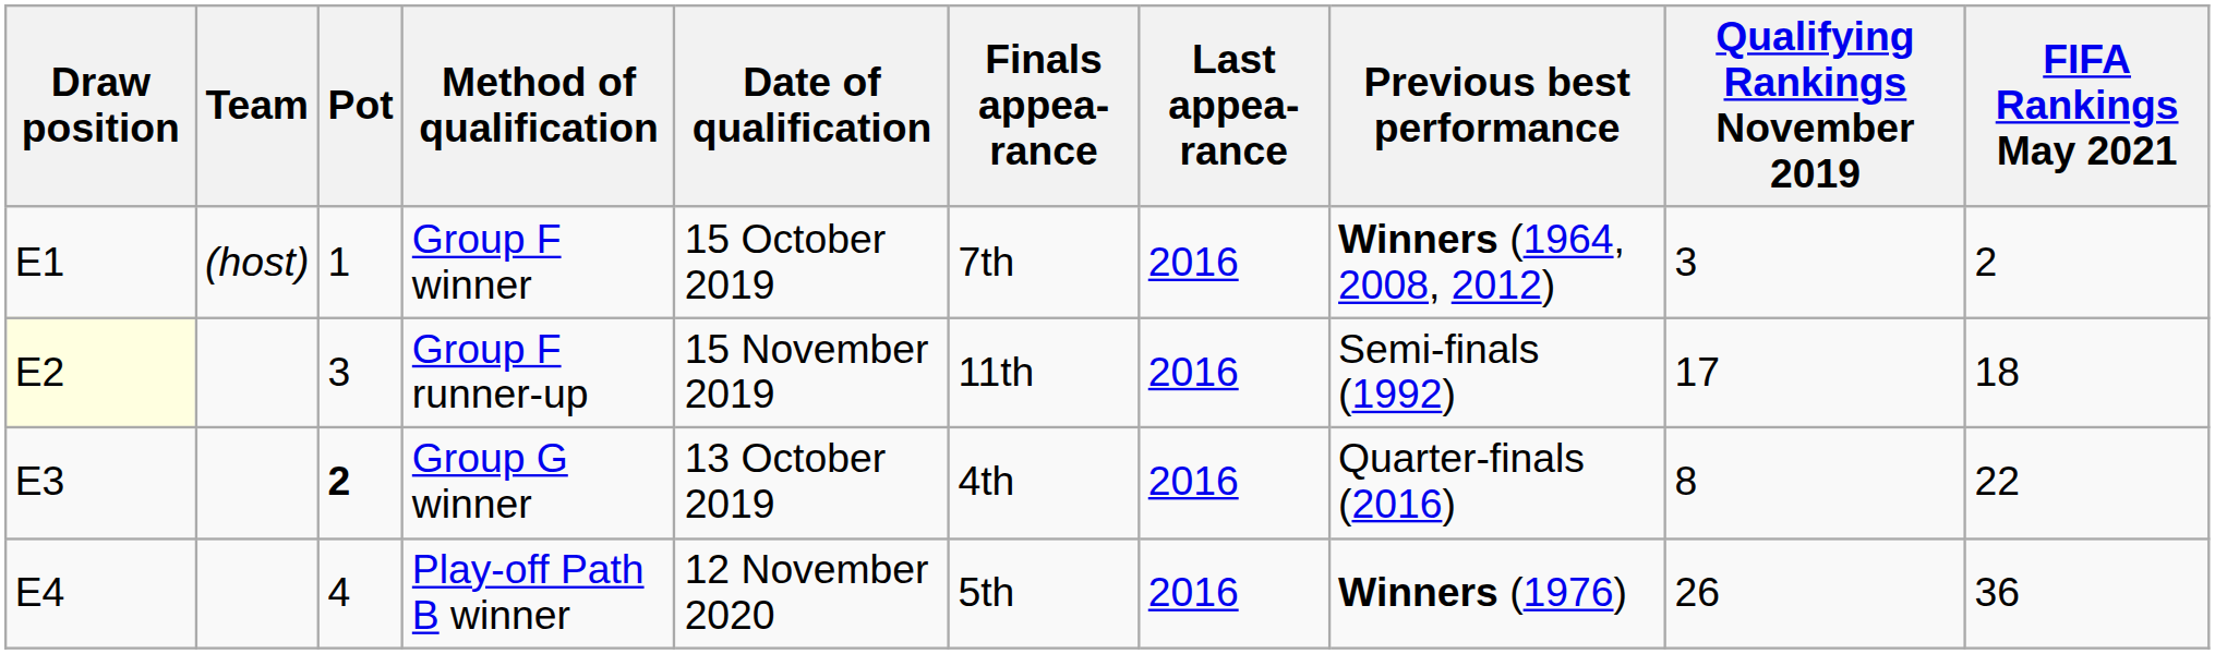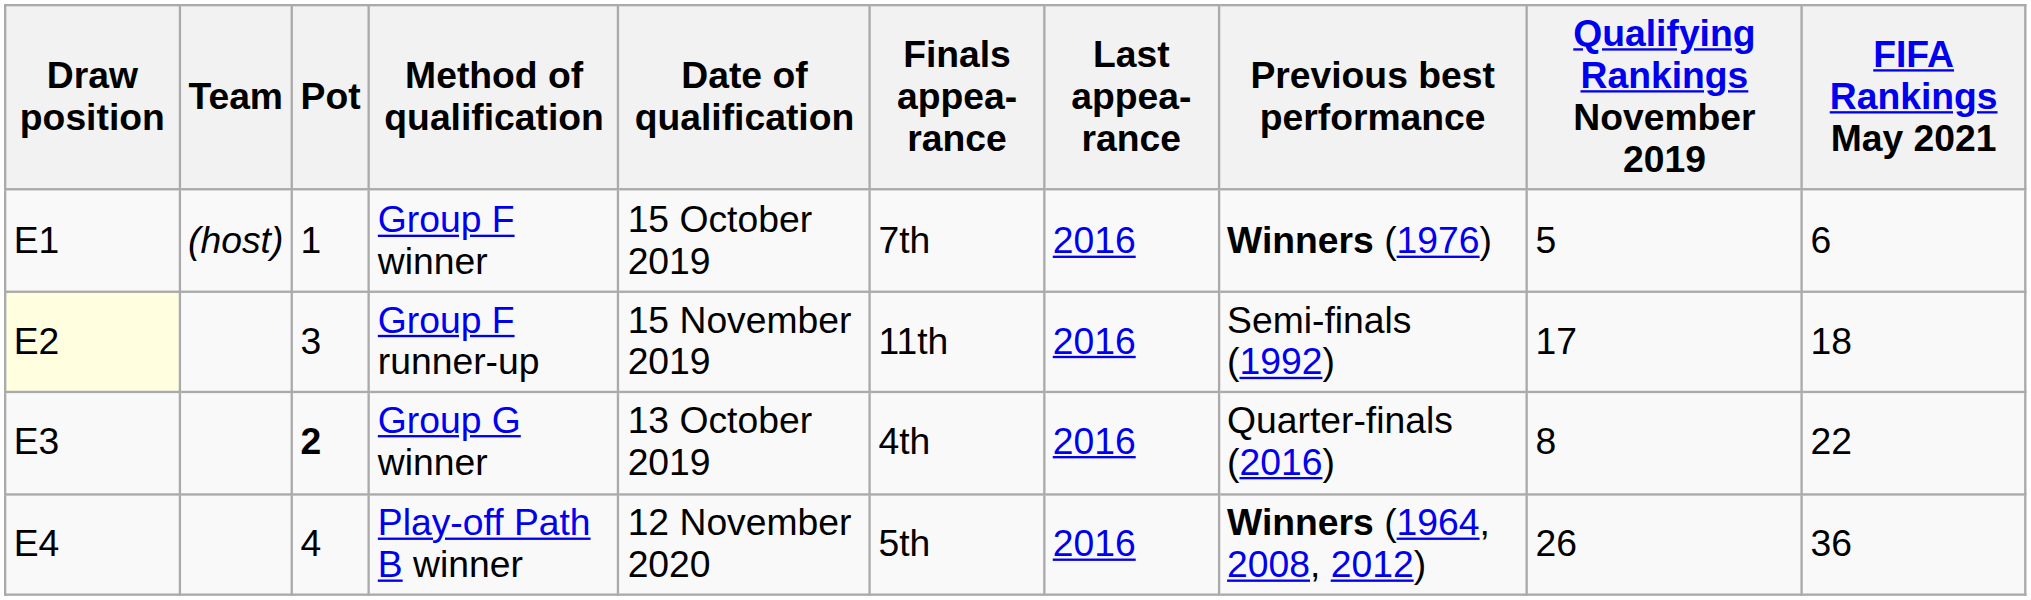 <table class="wikitable sortable">
 <tr>
 <th>Draw posi­tion</th>
 <th>Team</th>
 <th>Pot</th>
 <th>Method of<br>quali­fication</th>
 <th>Date of<br>quali­fication</th>
 <th data-sort-type="number">Finals<br>appea­rance</th>
 <th>Last<br>appea­rance</th>
 <th>Previous best<br>perfor­mance</th>
 <th><a href='#'>Qualifying Rankings</a><br>November 2019</th>
 <th><a href='#'>FIFA Rankings</a><br>May 2021</th>
 </tr>
 <tr>
 <td>E1</td>
 <td style="white-space:nowrap"> <em>(host)</em></td>
 <td>1</td>
 <td><a href='#'>Group F</a> winner</td>
 <td>15 October 2019</td>
 <td>7th</td>
 <td><a href='#'>2016</a></td>
-<td data-sort-value="1"><strong>Winners</strong> (<a href='#'>1964</a>, <a href='#'>2008</a>, <a href='#'>2012</a>)</td>
-<td>3</td>
-<td>2</td>
+<td data-sort-value="9"><strong>Winners</strong> (<a href='#'>1976</a>)</td>
+<td>5</td>
+<td>6</td>
 </tr>
 <tr>
 <td style="background: lightyellow;">E2</td>
 <td style="white-space:nowrap"></td>
 <td>3</td>
 <td><a href='#'>Group F</a> runner-up</td>
 <td>15 November 2019</td>
 <td>11th</td>
 <td><a href='#'>2016</a></td>
 <td data-sort-value="3">Semi-finals (<a href='#'>1992</a>)</td>
 <td>17</td>
 <td>18</td>
 </tr>
 <tr>
 <td>E3</td>
 <td style="white-space:nowrap"></td>
 <td><strong>2</strong></td>
 <td><a href='#'>Group G</a> winner</td>
 <td>13 October 2019</td>
 <td>4th</td>
 <td><a href='#'>2016</a></td>
 <td data-sort-value="5">Quarter-finals (<a href='#'>2016</a>)</td>
 <td>8</td>
 <td>22</td>
 </tr>
 <tr>
 <td>E4</td>
 <td style="white-space:nowrap"></td>
 <td>4</td>
 <td><a href='#'>Play-off Path B</a> winner</td>
 <td>12 November 2020</td>
 <td>5th</td>
 <td><a href='#'>2016</a></td>
-<td data-sort-value="9"><strong>Winners</strong> (<a href='#'>1976</a>)</td>
+<td data-sort-value="1"><strong>Winners</strong> (<a href='#'>1964</a>, <a href='#'>2008</a>, <a href='#'>2012</a>)</td>
 <td>26</td>
 <td>36</td>
 </tr>
 </table>
